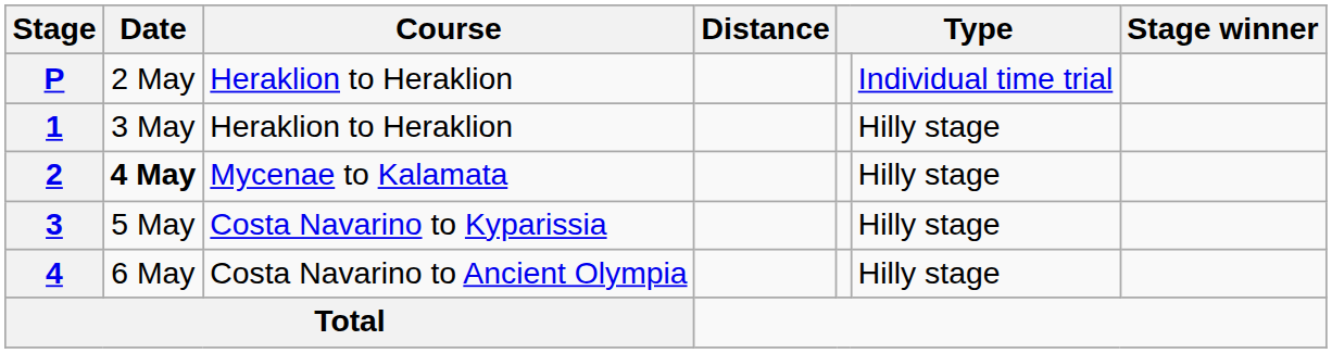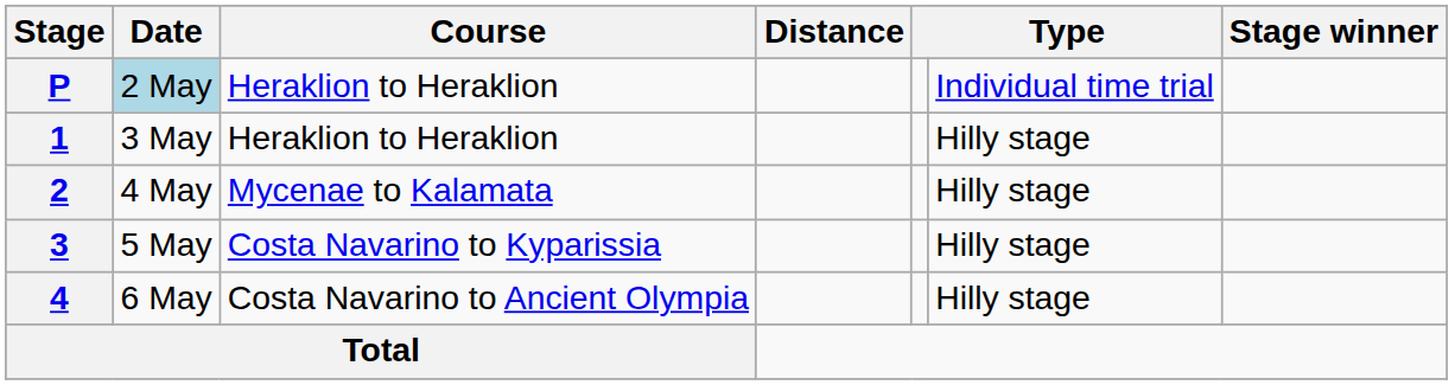 <table class="wikitable">
 <tr>
 <th scope="col">Stage</th>
 <th scope="col">Date</th>
 <th scope="col">Course</th>
 <th scope="col">Distance</th>
 <th scope="col" colspan="2">Type</th>
 <th scope="col">Stage winner</th>
 </tr>
 <tr>
 <th scope="row" style="text-align:center;"><a href='#'>P</a></th>
-<td style="text-align:center;">2 May</td>
+<td style="background: lightblue; text-align:center;">2 May</td>
 <td><a href='#'>Heraklion</a> to Heraklion</td>
 <td style="text-align:center;"></td>
 <td></td>
 <td><a href='#'>Individual time trial</a></td>
 <td></td>
 </tr>
 <tr>
 <th scope="row" style="text-align:center;"><a href='#'>1</a></th>
 <td style="text-align:center;">3 May</td>
 <td>Heraklion to Heraklion</td>
 <td style="text-align:center;"></td>
 <td></td>
 <td>Hilly stage</td>
 <td></td>
 </tr>
 <tr>
 <th scope="row" style="text-align:center;"><a href='#'>2</a></th>
-<td style="text-align:center;"><strong>4 May</strong></td>
+<td style="text-align:center;">4 May</td>
 <td><a href='#'>Mycenae</a> to <a href='#'>Kalamata</a></td>
 <td style="text-align:center;"></td>
 <td></td>
 <td>Hilly stage</td>
 <td></td>
 </tr>
 <tr>
 <th scope="row" style="text-align:center;"><a href='#'>3</a></th>
 <td style="text-align:center;">5 May</td>
 <td><a href='#'>Costa Navarino</a> to <a href='#'>Kyparissia</a></td>
 <td style="text-align:center;"></td>
 <td></td>
 <td>Hilly stage</td>
 <td></td>
 </tr>
 <tr>
 <th scope="row" style="text-align:center;"><a href='#'>4</a></th>
 <td style="text-align:center;">6 May</td>
 <td>Costa Navarino to <a href='#'>Ancient Olympia</a></td>
 <td style="text-align:center;"></td>
 <td></td>
 <td>Hilly stage</td>
 <td></td>
 </tr>
 <tr>
 <th colspan="3">Total</th>
 <td colspan="5" align="center"></td>
 </tr>
 </table>
